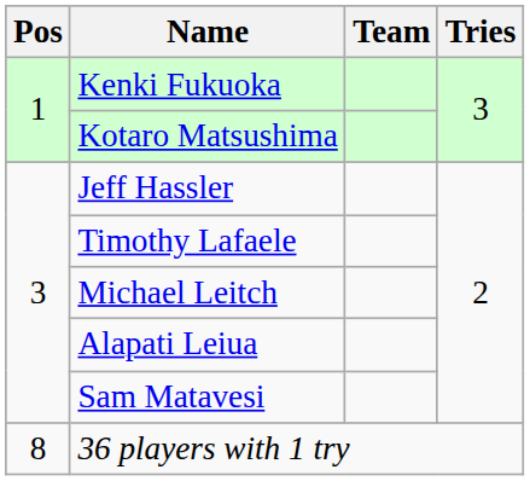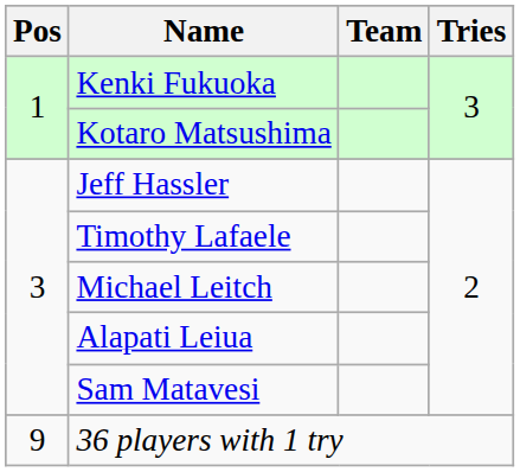 <table class="wikitable" style="text-align:center">
 <tr>
 <th>Pos</th>
 <th>Name</th>
 <th>Team</th>
 <th>Tries</th>
 </tr>
 <tr style="background:#d0ffd0">
 <td rowspan=2>1</td>
 <td align="left"><a href='#'>Kenki Fukuoka</a></td>
 <td align="left"></td>
 <td rowspan=2>3</td>
 </tr>
 <tr style="background:#d0ffd0">
 <td align="left"><a href='#'>Kotaro Matsushima</a></td>
 <td align="left"></td>
 </tr>
 <tr>
 <td rowspan=5>3</td>
 <td align="left"><a href='#'>Jeff Hassler</a></td>
 <td align="left"></td>
 <td rowspan=5>2</td>
 </tr>
 <tr>
 <td align="left"><a href='#'>Timothy Lafaele</a></td>
 <td align="left"></td>
 </tr>
 <tr>
 <td align="left"><a href='#'>Michael Leitch</a></td>
 <td align="left"></td>
 </tr>
 <tr>
 <td align="left"><a href='#'>Alapati Leiua</a></td>
 <td align="left"></td>
 </tr>
 <tr>
 <td align="left"><a href='#'>Sam Matavesi</a></td>
 <td align="left"></td>
 </tr>
 <tr>
-<td>8</td>
+<td>9</td>
 <td align="left" colspan=3><em>36 players with 1 try</em></td>
 </tr>
 </table>
